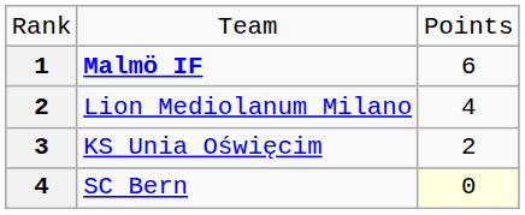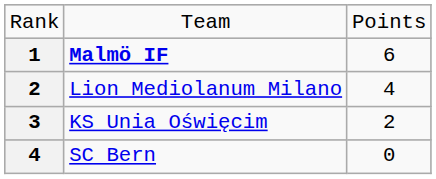 <table class="wikitable" style="text-align: center;">
 <tr>
 <td>Rank</td>
 <td>Team</td>
 <td>Points</td>
 </tr>
 <tr>
 <th>1</th>
 <td style="text-align: left;"> <strong><a href='#'>Malmö IF</a></strong></td>
 <td>6</td>
 </tr>
 <tr>
 <th>2</th>
 <td style="text-align: left;"> <a href='#'>Lion Mediolanum Milano</a></td>
 <td>4</td>
 </tr>
 <tr>
 <th>3</th>
 <td style="text-align: left;"> <a href='#'>KS Unia Oświęcim</a></td>
 <td>2</td>
 </tr>
 <tr>
 <th>4</th>
 <td style="text-align: left;"> <a href='#'>SC Bern</a></td>
-<td style="background: lightyellow;">0</td>
+<td>0</td>
 </tr>
 </table>
